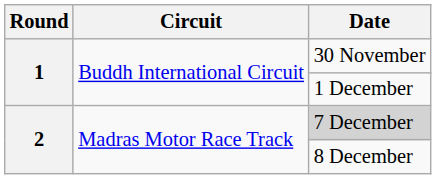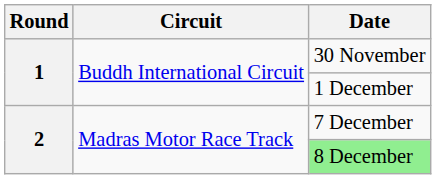 <table class="wikitable" style="font-size: 90%;">
 <tr>
 <th>Round</th>
 <th>Circuit</th>
 <th>Date</th>
 </tr>
 <tr>
 <th rowspan="2">1</th>
 <td rowspan="2"><a href='#'>Buddh International Circuit</a></td>
 <td>30 November</td>
 </tr>
 <tr>
 <td>1 December</td>
 </tr>
 <tr>
 <th rowspan="2">2</th>
 <td rowspan="2"><a href='#'>Madras Motor Race Track</a></td>
-<td style="background: lightgrey;">7 December</td>
+<td>7 December</td>
 </tr>
 <tr>
-<td>8 December</td>
+<td style="background: lightgreen;">8 December</td>
 </tr>
 </table>
